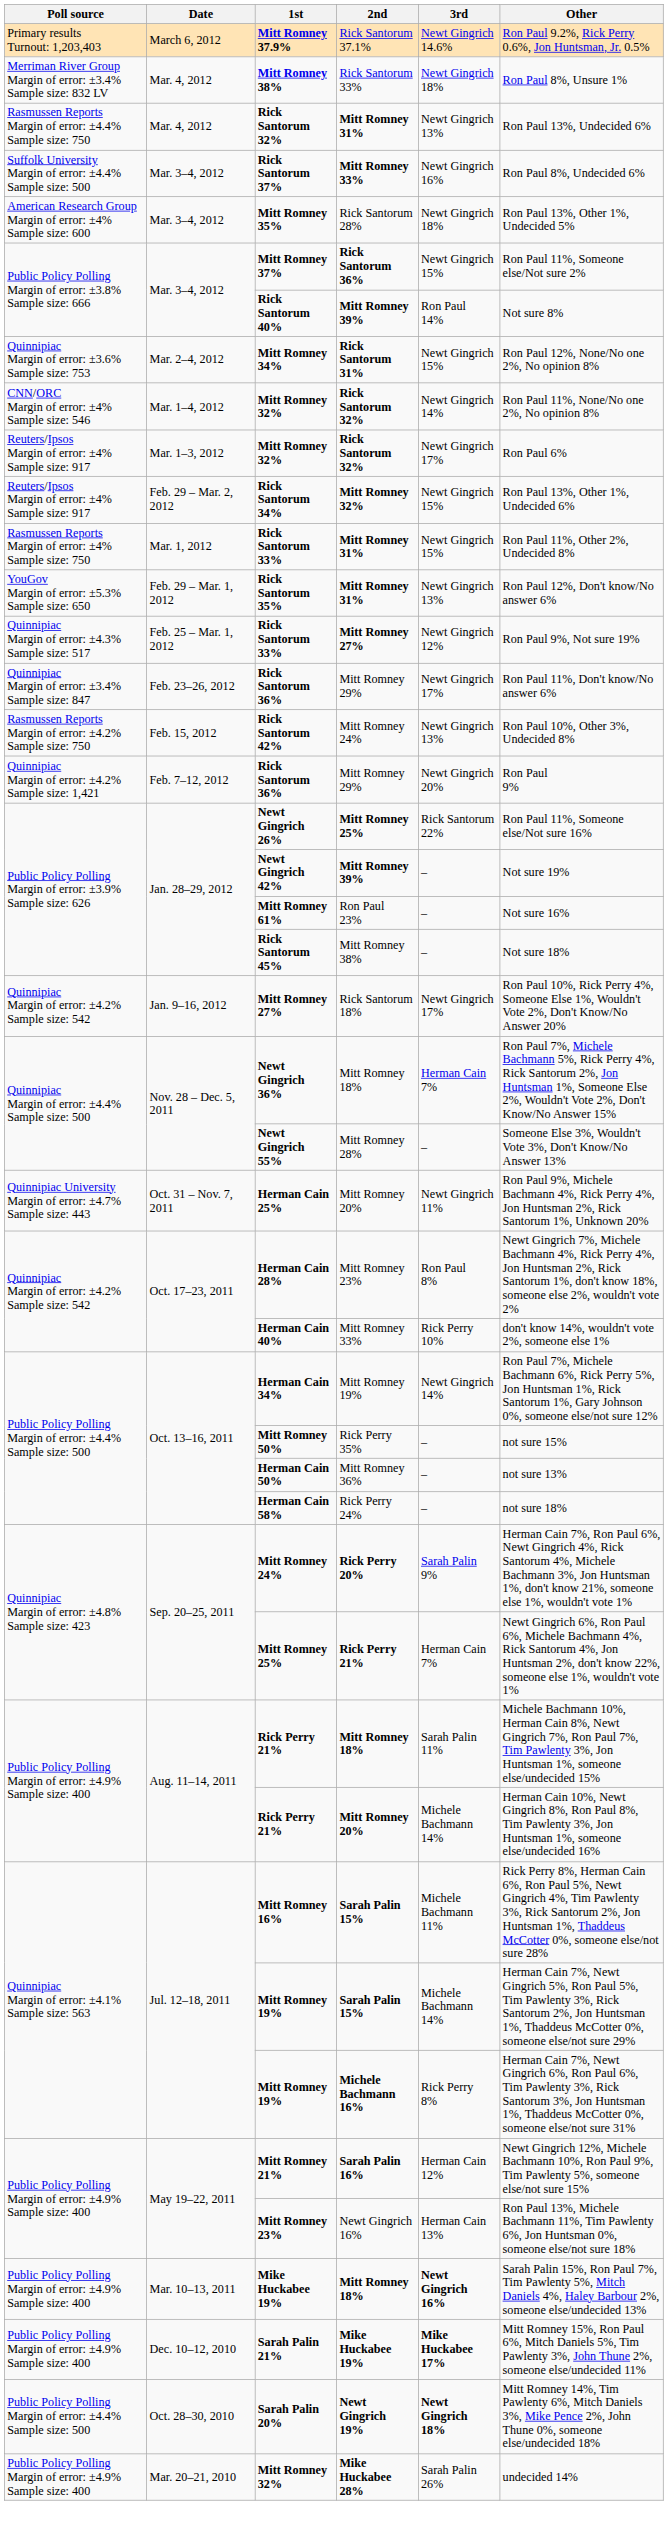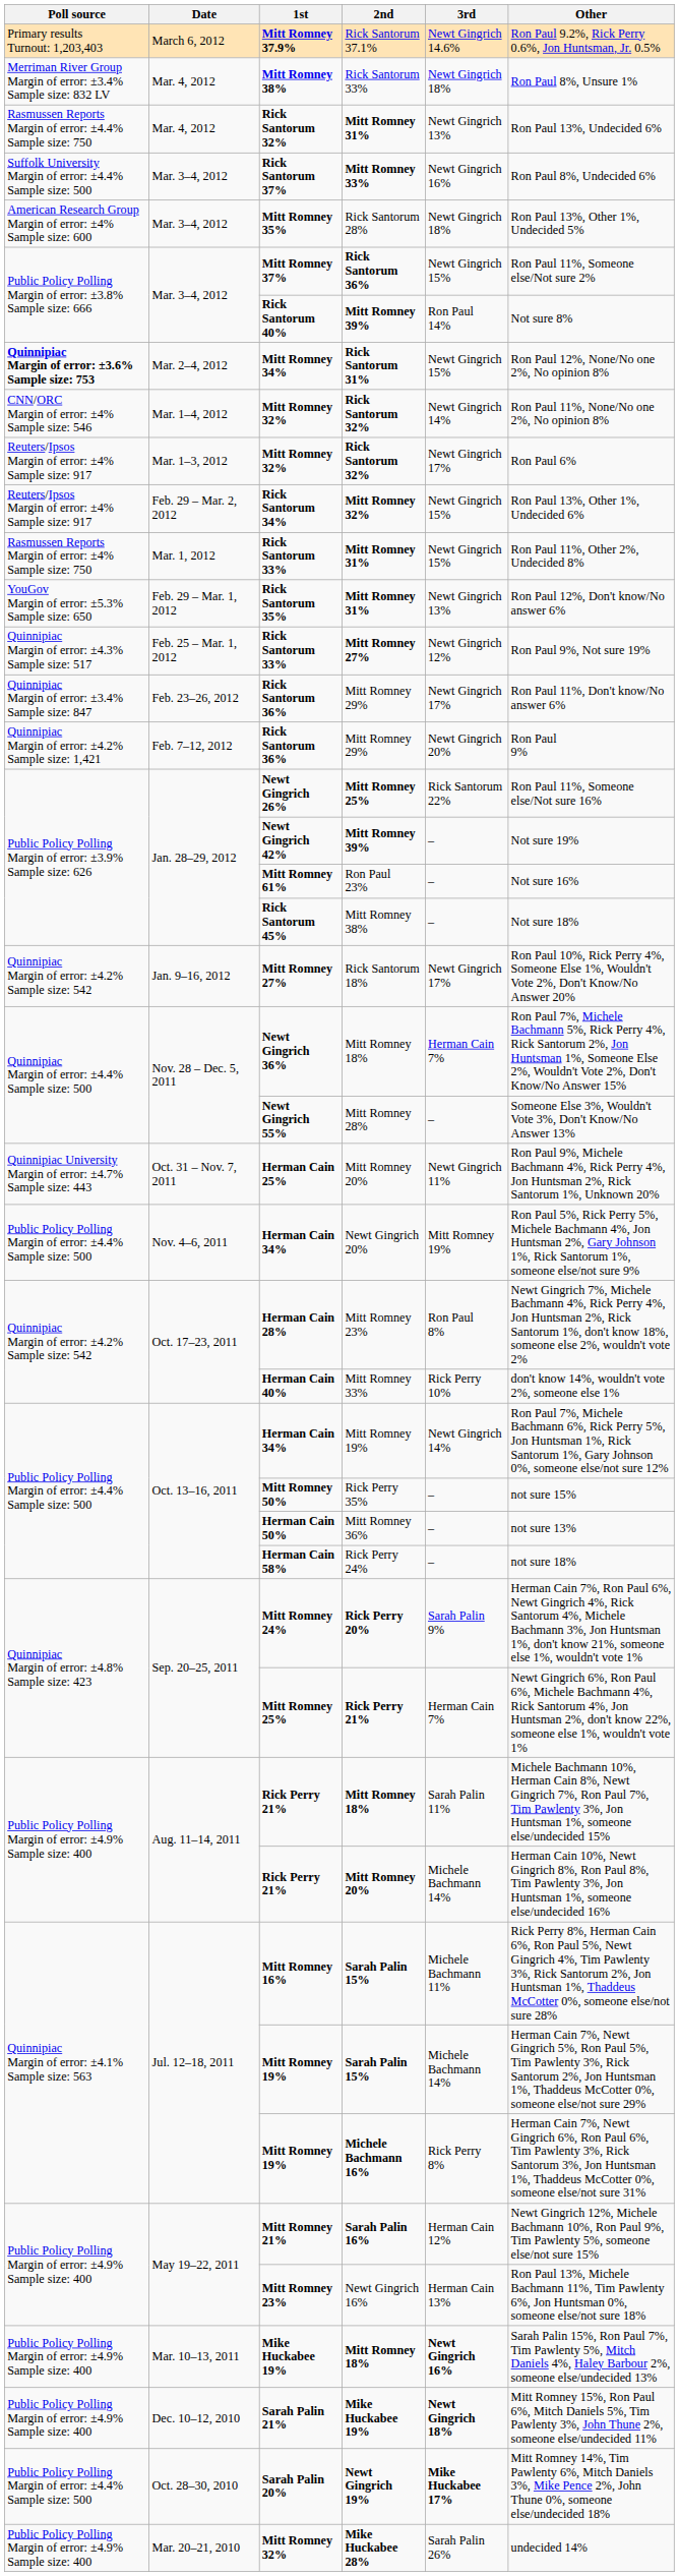 <table class="wikitable">
 <tr>
 <th style="width:180px;">Poll source</th>
 <th style="width:135px;">Date</th>
 <th style="width:100px;">1st</th>
 <th style="width:100px;">2nd</th>
 <th style="width:100px;">3rd</th>
 <th>Other</th>
 </tr>
 <tr style="background:Moccasin;">
 <td>Primary results<br>Turnout: 1,203,403</td>
 <td>March 6, 2012</td>
 <td><strong><a href='#'>Mitt Romney</a> 37.9% </strong></td>
 <td><a href='#'>Rick Santorum</a><br>37.1%</td>
 <td><a href='#'>Newt Gingrich</a><br>14.6%</td>
 <td><a href='#'>Ron Paul</a> 9.2%, <a href='#'>Rick Perry</a> 0.6%, <a href='#'>Jon Huntsman, Jr.</a> 0.5%</td>
 </tr>
 <tr>
 <td><a href='#'>Merriman River Group</a><br>Margin of error: ±3.4% <br>Sample size: 832 LV</td>
 <td>Mar. 4, 2012</td>
 <td><strong><a href='#'>Mitt Romney</a><br> 38%</strong></td>
 <td><a href='#'>Rick Santorum</a><br> 33%</td>
 <td><a href='#'>Newt Gingrich</a><br> 18%</td>
 <td><a href='#'>Ron Paul</a> 8%, Unsure 1%</td>
 </tr>
 <tr>
 <td><a href='#'>Rasmussen Reports</a><br>Margin of error: ±4.4% <br>Sample size: 750</td>
 <td>Mar. 4, 2012</td>
 <td><strong>Rick Santorum<br> 32%</strong></td>
 <td><strong>Mitt Romney<br> 31%</strong></td>
 <td>Newt Gingrich<br> 13%</td>
 <td>Ron Paul 13%, Undecided 6%</td>
 </tr>
 <tr>
 <td><a href='#'>Suffolk University</a><br>Margin of error: ±4.4% <br>Sample size: 500</td>
 <td>Mar. 3–4, 2012</td>
 <td><strong>Rick Santorum<br> 37%</strong></td>
 <td><strong>Mitt Romney<br> 33%</strong></td>
 <td>Newt Gingrich<br> 16%</td>
 <td>Ron Paul 8%, Undecided 6%</td>
 </tr>
 <tr>
 <td><a href='#'>American Research Group</a><br>Margin of error: ±4% <br>Sample size: 600</td>
 <td>Mar. 3–4, 2012</td>
 <td><strong>Mitt Romney<br> 35%</strong></td>
 <td>Rick Santorum<br> 28%</td>
 <td>Newt Gingrich<br> 18%</td>
 <td>Ron Paul 13%, Other 1%, Undecided 5%</td>
 </tr>
 <tr>
 <td rowspan=2><a href='#'>Public Policy Polling</a><br>Margin of error: ±3.8% <br>Sample size: 666</td>
 <td rowspan=2>Mar. 3–4, 2012</td>
 <td><strong>Mitt Romney<br> 37%</strong></td>
 <td><strong>Rick Santorum<br> 36%</strong></td>
 <td>Newt Gingrich<br> 15%</td>
 <td>Ron Paul 11%, Someone else/Not sure 2%</td>
 </tr>
 <tr>
 <td><strong>Rick Santorum<br> 40%</strong></td>
 <td><strong>Mitt Romney<br> 39%</strong></td>
 <td>Ron Paul<br> 14%</td>
 <td>Not sure 8%</td>
 </tr>
 <tr>
-<td><a href='#'>Quinnipiac</a><br>Margin of error: ±3.6% <br>Sample size: 753</td>
+<td><strong><a href='#'>Quinnipiac</a><br>Margin of error: ±3.6% <br>Sample size: 753</strong></td>
 <td>Mar. 2–4, 2012</td>
 <td><strong>Mitt Romney<br> 34%</strong></td>
 <td><strong>Rick Santorum<br> 31%</strong></td>
 <td>Newt Gingrich<br> 15%</td>
 <td>Ron Paul 12%, None/No one 2%, No opinion 8%</td>
 </tr>
 <tr>
 <td><a href='#'>CNN</a>/<a href='#'>ORC</a><br>Margin of error: ±4% <br>Sample size: 546</td>
 <td>Mar. 1–4, 2012</td>
 <td><strong> Mitt Romney<br> 32%</strong></td>
 <td><strong>Rick Santorum<br> 32%</strong></td>
 <td>Newt Gingrich<br> 14%</td>
 <td>Ron Paul 11%, None/No one 2%, No opinion 8%</td>
 </tr>
 <tr>
 <td><a href='#'>Reuters</a>/<a href='#'>Ipsos</a><br>Margin of error: ±4% <br>Sample size: 917</td>
 <td>Mar. 1–3, 2012</td>
 <td><strong>Mitt Romney<br> 32%</strong></td>
 <td><strong>Rick Santorum<br> 32%</strong></td>
 <td>Newt Gingrich<br> 17%</td>
 <td>Ron Paul 6%</td>
 </tr>
 <tr>
 <td><a href='#'>Reuters</a>/<a href='#'>Ipsos</a><br>Margin of error: ±4% <br>Sample size: 917</td>
 <td>Feb. 29 – Mar. 2, 2012</td>
 <td><strong>Rick Santorum<br> 34%</strong></td>
 <td><strong>Mitt Romney<br> 32%</strong></td>
 <td>Newt Gingrich<br> 15%</td>
 <td>Ron Paul 13%, Other 1%, Undecided 6%</td>
 </tr>
 <tr>
 <td><a href='#'>Rasmussen Reports</a><br>Margin of error: ±4% <br>Sample size: 750</td>
 <td>Mar. 1, 2012</td>
 <td><strong>Rick Santorum<br> 33%</strong></td>
 <td><strong>Mitt Romney<br> 31%</strong></td>
 <td>Newt Gingrich<br> 15%</td>
 <td>Ron Paul 11%, Other 2%, Undecided 8%</td>
 </tr>
 <tr>
 <td><a href='#'>YouGov</a><br>Margin of error: ±5.3% <br>Sample size: 650</td>
 <td>Feb. 29 – Mar. 1, 2012</td>
 <td><strong>Rick Santorum<br> 35%</strong></td>
 <td><strong>Mitt Romney<br> 31%</strong></td>
 <td>Newt Gingrich<br> 13%</td>
 <td>Ron Paul 12%, Don't know/No answer 6%</td>
 </tr>
 <tr>
 <td><a href='#'>Quinnipiac</a><br>Margin of error: ±4.3% <br>Sample size: 517</td>
 <td>Feb. 25 – Mar. 1, 2012</td>
 <td><strong> Rick Santorum<br> 33%</strong></td>
 <td><strong>Mitt Romney<br> 27%</strong></td>
 <td>Newt Gingrich<br> 12%</td>
 <td>Ron Paul 9%, Not sure 19%</td>
 </tr>
 <tr>
 <td><a href='#'>Quinnipiac</a><br>Margin of error: ±3.4% <br>Sample size: 847</td>
 <td>Feb. 23–26, 2012</td>
 <td><strong>Rick Santorum<br> 36%</strong></td>
 <td>Mitt Romney<br> 29%</td>
 <td>Newt Gingrich<br> 17%</td>
 <td>Ron Paul 11%, Don't know/No answer 6%</td>
-</tr>
-<tr>
-<td><a href='#'>Rasmussen Reports</a><br>Margin of error: ±4.2% <br>Sample size: 750</td>
-<td>Feb. 15, 2012</td>
-<td><strong>Rick Santorum<br> 42%</strong></td>
-<td>Mitt Romney<br> 24%</td>
-<td>Newt Gingrich<br> 13%</td>
-<td>Ron Paul 10%, Other 3%, Undecided 8%</td>
 </tr>
 <tr>
 <td><a href='#'>Quinnipiac</a><br>Margin of error: ±4.2% <br>Sample size: 1,421</td>
 <td>Feb. 7–12, 2012</td>
 <td><strong>Rick Santorum<br> 36%</strong></td>
 <td>Mitt Romney<br> 29%</td>
 <td>Newt Gingrich<br> 20%</td>
 <td>Ron Paul<br> 9%</td>
 </tr>
 <tr>
 <td rowspan=4><a href='#'>Public Policy Polling</a><br>Margin of error: ±3.9% <br>Sample size: 626</td>
 <td rowspan=4>Jan. 28–29, 2012</td>
 <td><strong>Newt Gingrich<br> 26%</strong></td>
 <td><strong>Mitt Romney<br> 25%</strong></td>
 <td>Rick Santorum<br> 22%</td>
 <td>Ron Paul 11%, Someone else/Not sure 16%</td>
 </tr>
 <tr>
 <td><strong> Newt Gingrich<br> 42%</strong></td>
 <td><strong>Mitt Romney<br> 39%</strong></td>
 <td>–</td>
 <td>Not sure 19%</td>
 </tr>
 <tr>
 <td><strong>Mitt Romney<br> 61%</strong></td>
 <td>Ron Paul<br> 23%</td>
 <td>–</td>
 <td>Not sure 16%</td>
 </tr>
 <tr>
 <td><strong>Rick Santorum<br> 45%</strong></td>
 <td>Mitt Romney<br> 38%</td>
 <td>–</td>
 <td>Not sure 18%</td>
 </tr>
 <tr>
 <td><a href='#'>Quinnipiac</a><br>Margin of error: ±4.2% <br>Sample size: 542</td>
 <td>Jan. 9–16, 2012</td>
 <td><strong>Mitt Romney<br> 27%</strong></td>
 <td>Rick Santorum<br> 18%</td>
 <td>Newt Gingrich<br> 17%</td>
 <td>Ron Paul 10%, Rick Perry 4%, Someone Else 1%, Wouldn't Vote 2%, Don't Know/No Answer 20%</td>
 </tr>
 <tr>
 <td rowspan=2><a href='#'>Quinnipiac</a><br>Margin of error: ±4.4% <br>Sample size: 500</td>
 <td rowspan=2>Nov. 28 – Dec. 5, 2011</td>
 <td><strong>Newt Gingrich<br> 36%</strong></td>
 <td>Mitt Romney<br> 18%</td>
 <td><a href='#'>Herman Cain</a><br> 7%</td>
 <td>Ron Paul 7%, <a href='#'>Michele Bachmann</a> 5%, Rick Perry 4%, Rick Santorum 2%, <a href='#'>Jon Huntsman</a> 1%, Someone Else 2%, Wouldn't Vote 2%, Don't Know/No Answer 15%</td>
 </tr>
 <tr>
 <td><strong>Newt Gingrich<br> 55%</strong></td>
 <td>Mitt Romney<br> 28%</td>
 <td>–</td>
 <td>Someone Else 3%, Wouldn't Vote 3%, Don't Know/No Answer 13%</td>
 </tr>
 <tr>
 <td><a href='#'>Quinnipiac University</a><br>Margin of error: ±4.7% <br>Sample size: 443</td>
 <td>Oct. 31 – Nov. 7, 2011</td>
 <td><strong>Herman Cain<br> 25%</strong></td>
 <td>Mitt Romney<br> 20%</td>
 <td>Newt Gingrich<br> 11%</td>
 <td>Ron Paul 9%, Michele Bachmann 4%, Rick Perry 4%, Jon Huntsman 2%, Rick Santorum 1%, Unknown 20%</td>
+</tr>
+<tr>
+<td><a href='#'>Public Policy Polling</a><br>Margin of error: ±4.4% <br>Sample size: 500</td>
+<td>Nov. 4–6, 2011</td>
+<td><strong>Herman Cain<br> 34%</strong></td>
+<td>Newt Gingrich<br> 20%</td>
+<td>Mitt Romney<br> 19%</td>
+<td>Ron Paul 5%, Rick Perry 5%, Michele Bachmann 4%, Jon Huntsman 2%, <a href='#'>Gary Johnson</a> 1%, Rick Santorum 1%, someone else/not sure 9%</td>
 </tr>
 <tr>
 <td rowspan=2><a href='#'>Quinnipiac</a><br>Margin of error: ±4.2% <br>Sample size: 542</td>
 <td rowspan=2>Oct. 17–23, 2011</td>
 <td><strong>Herman Cain<br> 28%</strong></td>
 <td>Mitt Romney<br> 23%</td>
 <td>Ron Paul<br> 8%</td>
 <td>Newt Gingrich 7%, Michele Bachmann 4%, Rick Perry 4%, Jon Huntsman 2%, Rick Santorum 1%, don't know 18%, someone else 2%, wouldn't vote 2%</td>
 </tr>
 <tr>
 <td><strong>Herman Cain<br> 40%</strong></td>
 <td>Mitt Romney<br> 33%</td>
 <td>Rick Perry<br> 10%</td>
 <td>don't know 14%, wouldn't vote 2%, someone else 1%</td>
 </tr>
 <tr>
 <td rowspan=4><a href='#'>Public Policy Polling</a><br>Margin of error: ±4.4% <br>Sample size: 500</td>
 <td rowspan=4>Oct. 13–16, 2011</td>
 <td><strong>Herman Cain<br> 34%</strong></td>
 <td>Mitt Romney<br> 19%</td>
 <td>Newt Gingrich<br> 14%</td>
 <td>Ron Paul 7%, Michele Bachmann 6%, Rick Perry 5%, Jon Huntsman 1%, Rick Santorum 1%, Gary Johnson 0%, someone else/not sure 12%</td>
 </tr>
 <tr>
 <td><strong>Mitt Romney<br> 50%</strong></td>
 <td>Rick Perry<br> 35%</td>
 <td>–</td>
 <td>not sure 15%</td>
 </tr>
 <tr>
 <td><strong>Herman Cain<br> 50%</strong></td>
 <td>Mitt Romney<br> 36%</td>
 <td>–</td>
 <td>not sure 13%</td>
 </tr>
 <tr>
 <td><strong>Herman Cain<br> 58%</strong></td>
 <td>Rick Perry<br> 24%</td>
 <td>–</td>
 <td>not sure 18%</td>
 </tr>
 <tr>
 <td rowspan=2><a href='#'>Quinnipiac</a><br>Margin of error: ±4.8% <br>Sample size: 423</td>
 <td rowspan=2>Sep. 20–25, 2011</td>
 <td><strong>Mitt Romney<br> 24%</strong></td>
 <td><strong>Rick Perry<br> 20%</strong></td>
 <td><a href='#'>Sarah Palin</a><br> 9%</td>
 <td>Herman Cain 7%, Ron Paul 6%, Newt Gingrich 4%, Rick Santorum 4%, Michele Bachmann 3%, Jon Huntsman 1%, don't know 21%, someone else 1%, wouldn't vote 1%</td>
 </tr>
 <tr>
 <td><strong>Mitt Romney<br> 25%</strong></td>
 <td><strong>Rick Perry<br> 21%</strong></td>
 <td>Herman Cain<br> 7%</td>
 <td>Newt Gingrich 6%, Ron Paul 6%, Michele Bachmann 4%, Rick Santorum 4%, Jon Huntsman 2%, don't know 22%, someone else 1%, wouldn't vote 1%</td>
 </tr>
 <tr>
 <td rowspan=2><a href='#'>Public Policy Polling</a><br>Margin of error: ±4.9% <br>Sample size: 400</td>
 <td rowspan=2>Aug. 11–14, 2011</td>
 <td><strong>Rick Perry<br> 21%</strong></td>
 <td><strong>Mitt Romney<br> 18%</strong></td>
 <td>Sarah Palin<br> 11%</td>
 <td>Michele Bachmann 10%, Herman Cain 8%, Newt Gingrich 7%, Ron Paul 7%, <a href='#'>Tim Pawlenty</a> 3%, Jon Huntsman 1%, someone else/undecided 15%</td>
 </tr>
 <tr>
 <td><strong>Rick Perry<br> 21%</strong></td>
 <td><strong>Mitt Romney<br> 20%</strong></td>
 <td>Michele Bachmann<br> 14%</td>
 <td>Herman Cain 10%, Newt Gingrich 8%, Ron Paul 8%, Tim Pawlenty 3%, Jon Huntsman 1%, someone else/undecided 16%</td>
 </tr>
 <tr>
 <td rowspan=3><a href='#'>Quinnipiac</a><br>Margin of error: ±4.1% <br>Sample size: 563</td>
 <td rowspan=3>Jul. 12–18, 2011</td>
 <td><strong>Mitt Romney<br> 16%</strong></td>
 <td><strong>Sarah Palin<br> 15%</strong></td>
 <td>Michele Bachmann<br> 11%</td>
 <td>Rick Perry 8%, Herman Cain 6%, Ron Paul 5%, Newt Gingrich 4%, Tim Pawlenty 3%, Rick Santorum 2%, Jon Huntsman 1%, <a href='#'>Thaddeus McCotter</a> 0%, someone else/not sure 28%</td>
 </tr>
 <tr>
 <td><strong>Mitt Romney<br> 19%</strong></td>
 <td><strong>Sarah Palin<br> 15%</strong></td>
 <td>Michele Bachmann<br> 14%</td>
 <td>Herman Cain 7%, Newt Gingrich 5%, Ron Paul 5%, Tim Pawlenty 3%, Rick Santorum 2%, Jon Huntsman 1%, Thaddeus McCotter 0%, someone else/not sure 29%</td>
 </tr>
 <tr>
 <td><strong>Mitt Romney<br> 19%</strong></td>
 <td><strong>Michele Bachmann<br> 16%</strong></td>
 <td>Rick Perry<br> 8%</td>
 <td>Herman Cain 7%, Newt Gingrich 6%, Ron Paul 6%, Tim Pawlenty 3%, Rick Santorum 3%, Jon Huntsman 1%, Thaddeus McCotter 0%, someone else/not sure 31%</td>
 </tr>
 <tr>
 <td rowspan=2><a href='#'>Public Policy Polling</a><br>Margin of error: ±4.9% <br>Sample size: 400</td>
 <td rowspan=2>May 19–22, 2011</td>
 <td><strong>Mitt Romney<br> 21%</strong></td>
 <td><strong>Sarah Palin<br> 16%</strong></td>
 <td>Herman Cain<br> 12%</td>
 <td>Newt Gingrich 12%, Michele Bachmann 10%, Ron Paul 9%, Tim Pawlenty 5%, someone else/not sure 15%</td>
 </tr>
 <tr>
 <td><strong>Mitt Romney<br> 23%</strong></td>
 <td>Newt Gingrich<br> 16%</td>
 <td>Herman Cain<br> 13%</td>
 <td>Ron Paul 13%, Michele Bachmann 11%, Tim Pawlenty 6%, Jon Huntsman 0%, someone else/not sure 18%</td>
 </tr>
 <tr>
 <td><a href='#'>Public Policy Polling</a><br>Margin of error: ±4.9% <br>Sample size: 400</td>
 <td>Mar. 10–13, 2011</td>
 <td><strong>Mike Huckabee<br> 19%</strong></td>
 <td><strong>Mitt Romney<br> 18%</strong></td>
 <td><strong>Newt Gingrich<br> 16%</strong></td>
 <td>Sarah Palin 15%, Ron Paul 7%, Tim Pawlenty 5%, <a href='#'>Mitch Daniels</a> 4%, <a href='#'>Haley Barbour</a> 2%, someone else/undecided 13%</td>
 </tr>
 <tr>
 <td><a href='#'>Public Policy Polling</a><br>Margin of error: ±4.9% <br>Sample size: 400</td>
 <td>Dec. 10–12, 2010</td>
 <td><strong>Sarah Palin<br> 21%</strong></td>
 <td><strong>Mike Huckabee<br> 19%</strong></td>
-<td><strong>Mike Huckabee<br> 17%</strong></td>
+<td><strong>Newt Gingrich<br> 18%</strong></td>
 <td>Mitt Romney 15%, Ron Paul 6%, Mitch Daniels 5%, Tim Pawlenty 3%, <a href='#'>John Thune</a> 2%, someone else/undecided 11%</td>
 </tr>
 <tr>
 <td><a href='#'>Public Policy Polling</a><br>Margin of error: ±4.4% <br>Sample size: 500</td>
 <td>Oct. 28–30, 2010</td>
 <td><strong>Sarah Palin<br> 20%</strong></td>
 <td><strong>Newt Gingrich<br> 19%</strong></td>
-<td><strong>Newt Gingrich<br> 18%</strong></td>
+<td><strong>Mike Huckabee<br> 17%</strong></td>
 <td>Mitt Romney 14%, Tim Pawlenty 6%, Mitch Daniels 3%, <a href='#'>Mike Pence</a> 2%, John Thune 0%, someone else/undecided 18%</td>
 </tr>
 <tr>
 <td><a href='#'>Public Policy Polling</a><br>Margin of error: ±4.9% <br>Sample size: 400</td>
 <td>Mar. 20–21, 2010</td>
 <td><strong>Mitt Romney<br> 32%</strong></td>
 <td><strong>Mike Huckabee<br> 28%</strong></td>
 <td>Sarah Palin<br> 26%</td>
 <td>undecided 14%</td>
 </tr>
 </table>
